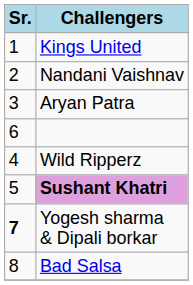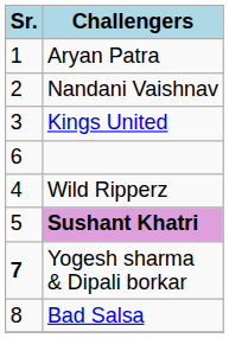 <table class="wikitable sorta">
 <tr>
 <th style="background:lightblue;">Sr.</th>
 <th style="background:lightblue;">Challengers</th>
 </tr>
 <tr>
 <td>1</td>
-<td><a href='#'>Kings United</a></td>
+<td>Aryan Patra</td>
 </tr>
 <tr>
 <td>2</td>
 <td>Nandani Vaishnav</td>
 </tr>
 <tr>
 <td>3</td>
-<td>Aryan Patra</td>
+<td><a href='#'>Kings United</a></td>
 </tr>
 <tr>
 <td>6</td>
 <td></td>
 </tr>
 <tr>
 <td>4</td>
 <td>Wild Ripperz</td>
 </tr>
 <tr>
 <td>5</td>
 <td style="background:#DDA0DD;"><strong>Sushant Khatri</strong></td>
 </tr>
 <tr>
 <td><strong>7</strong></td>
 <td>Yogesh sharma <br>& Dipali borkar</td>
 </tr>
 <tr>
 <td>8</td>
 <td><a href='#'>Bad Salsa</a></td>
 </tr>
 <tr>
 </tr>
 </table>
